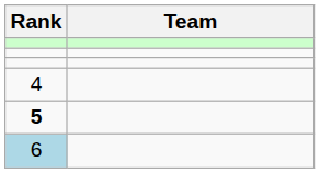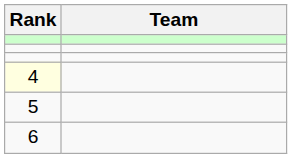 <table class="wikitable" style="text-align: center;">
 <tr>
 <th width=40>Rank</th>
 <th width=180>Team</th>
 </tr>
 <tr bgcolor=#ccffcc align=center>
 <td></td>
 <td style="text-align:left;"></td>
 </tr>
 <tr align=center>
 <td></td>
 <td style="text-align:left;"></td>
 </tr>
 <tr align=center>
 <td></td>
 <td style="text-align:left;"></td>
 </tr>
 <tr align=center>
-<td>4</td>
+<td style="background: lightyellow;">4</td>
 <td style="text-align:left;"></td>
 </tr>
 <tr align=center>
-<td><strong>5</strong></td>
+<td>5</td>
 <td style="text-align:left;"></td>
 </tr>
 <tr align=center>
-<td style="background: lightblue;">6</td>
+<td>6</td>
 <td style="text-align:left;"></td>
 </tr>
 </table>
